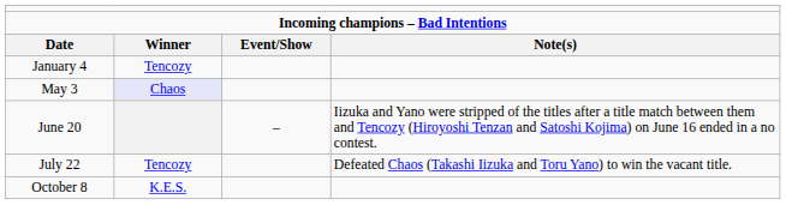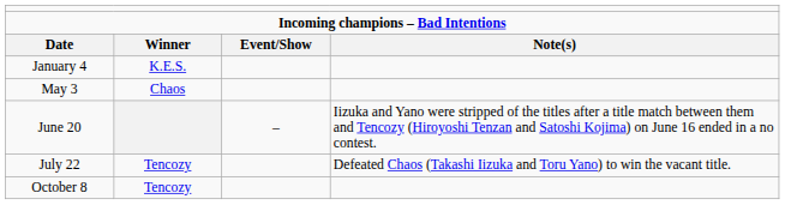 <table class="wikitable" style="text-align:center; width:100%;">
 <tr>
 <td colspan="5"></td>
 </tr>
 <tr>
 <td colspan="5"><strong>Incoming champions – <a href='#'>Bad Intentions</a> </strong></td>
 </tr>
 <tr>
 <th width=14%>Date</th>
 <th width=14%>Winner</th>
 <th width=14%>Event/Show</th>
 <th width=58%>Note(s)</th>
 </tr>
 <tr>
 <td>January 4</td>
-<td><a href='#'>Tencozy</a><br></td>
+<td><a href='#'>K.E.S.</a><br></td>
 <td></td>
 <td align=left></td>
 </tr>
 <tr>
 <td>May 3</td>
-<td style="background: lavender;"><a href='#'>Chaos</a><br></td>
+<td><a href='#'>Chaos</a><br></td>
 <td></td>
 <td align=left></td>
 </tr>
 <tr>
 <td>June 20</td>
 <th></th>
 <td>–</td>
 <td align=left>Iizuka and Yano were stripped of the titles after a title match between them and <a href='#'>Tencozy</a> (<a href='#'>Hiroyoshi Tenzan</a> and <a href='#'>Satoshi Kojima</a>) on June 16 ended in a no contest.</td>
 </tr>
 <tr>
 <td>July 22</td>
 <td><a href='#'>Tencozy</a><br></td>
 <td></td>
 <td align=left>Defeated <a href='#'>Chaos</a> (<a href='#'>Takashi Iizuka</a> and <a href='#'>Toru Yano</a>) to win the vacant title.</td>
 </tr>
 <tr>
 <td>October 8</td>
-<td><a href='#'>K.E.S.</a><br></td>
+<td><a href='#'>Tencozy</a><br></td>
 <td></td>
 <td align=left></td>
 </tr>
 </table>
